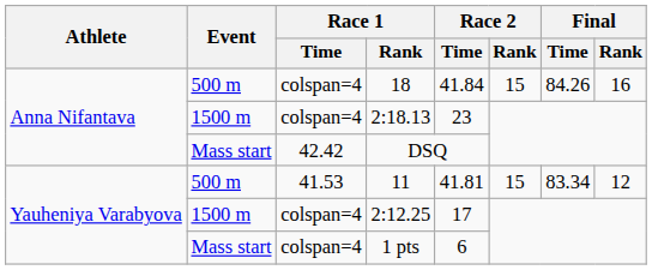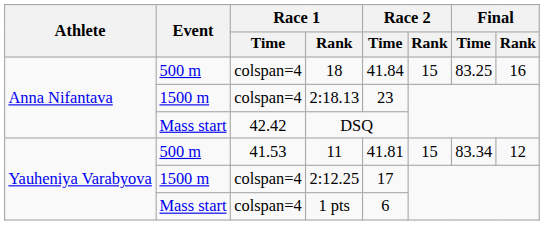 <table class="wikitable" style="font-size:90%">
 <tr>
 <th rowspan=2>Athlete</th>
 <th rowspan=2>Event</th>
 <th colspan=2>Race 1</th>
 <th colspan=2>Race 2</th>
 <th colspan=2>Final</th>
 </tr>
 <tr style="font-size:95%">
 <th>Time</th>
 <th>Rank</th>
 <th>Time</th>
 <th>Rank</th>
 <th>Time</th>
 <th>Rank</th>
 </tr>
 <tr align=center>
 <td align=left rowspan=3><a href='#'>Anna Nifantava</a></td>
 <td align=left><a href='#'>500 m</a></td>
 <td>colspan=4 </td>
 <td>18</td>
 <td>41.84</td>
 <td>15</td>
-<td>84.26</td>
+<td>83.25</td>
 <td>16</td>
 </tr>
 <tr align=center>
 <td align=left><a href='#'>1500 m</a></td>
 <td>colspan=4 </td>
 <td>2:18.13</td>
 <td>23</td>
 </tr>
 <tr align=center>
 <td align=left><a href='#'>Mass start</a></td>
 <td>42.42</td>
 <td colspan=2>DSQ</td>
 </tr>
 <tr align=center>
 <td align=left rowspan=3><a href='#'>Yauheniya Varabyova</a></td>
 <td align=left><a href='#'>500 m</a></td>
 <td>41.53</td>
 <td>11</td>
 <td>41.81</td>
 <td>15</td>
 <td>83.34</td>
 <td>12</td>
 </tr>
 <tr align=center>
 <td align=left><a href='#'>1500 m</a></td>
 <td>colspan=4 </td>
 <td>2:12.25</td>
 <td>17</td>
 </tr>
 <tr align=center>
 <td align=left><a href='#'>Mass start</a></td>
 <td>colspan=4 </td>
 <td>1 pts</td>
 <td>6</td>
 </tr>
 </table>
